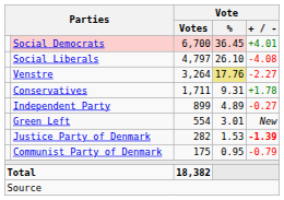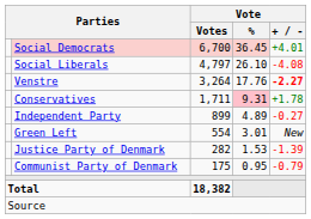 <table class="wikitable" style="text-align:right;">
 <tr>
 <th style="text-align:centre;" rowspan="2" colspan="2" width="225">Parties</th>
 <th colspan="3">Vote</th>
 </tr>
 <tr>
 <th width="15">Votes</th>
 <th width="15">%</th>
 <th width="15">+ / -</th>
 </tr>
 <tr>
 <td width="2" style="color:inherit;background:"></td>
 <td bgcolor=#fbd0ce  align="left"><a href='#'>Social Democrats</a></td>
 <td bgcolor=#fbd0ce>6,700</td>
 <td bgcolor=#fbd0ce>36.45</td>
 <td style=color:green;>+4.01</td>
 </tr>
 <tr>
 <td width="2" style="color:inherit;background:"></td>
 <td align="left"><a href='#'>Social Liberals</a></td>
 <td>4,797</td>
 <td>26.10</td>
 <td style=color:red;>-4.08</td>
 </tr>
 <tr>
 <td width="2" style="color:inherit;background:"></td>
 <td align="left"><a href='#'>Venstre</a></td>
 <td>3,264</td>
-<td style="background: khaki;">17.76</td>
-<td style=color:red;>-2.27</td>
+<td>17.76</td>
+<td style=color:red;><strong>-2.27</strong></td>
 </tr>
 <tr>
 <td width="2" style="color:inherit;background:"></td>
 <td align="left"><a href='#'>Conservatives</a></td>
 <td>1,711</td>
-<td>9.31</td>
+<td style="background: pink;">9.31</td>
 <td style=color:green;>+1.78</td>
 </tr>
 <tr>
 <td width="2" style="color:inherit;background:"></td>
 <td align="left"><a href='#'>Independent Party</a></td>
 <td>899</td>
 <td>4.89</td>
 <td style=color:red;>-0.27</td>
 </tr>
 <tr>
 <td width="2" style="color:inherit;background:"></td>
 <td align="left"><a href='#'>Green Left</a></td>
 <td>554</td>
 <td>3.01</td>
 <td><em>New</em></td>
 </tr>
 <tr>
 <td width="2" style="color:inherit;background:"></td>
 <td align="left"><a href='#'>Justice Party of Denmark</a></td>
 <td>282</td>
 <td>1.53</td>
-<td style=color:red;><strong>-1.39</strong></td>
+<td style=color:red;>-1.39</td>
 </tr>
 <tr>
 <td width="2" style="color:inherit;background:"></td>
 <td align="left"><a href='#'>Communist Party of Denmark</a></td>
 <td>175</td>
 <td>0.95</td>
 <td style=color:red;>-0.79</td>
 </tr>
 <tr>
 <td colspan="7" bgcolor="#E9E9E9"></td>
 </tr>
 <tr>
 <td align="left" colspan="2"><strong>Total</strong></td>
 <td><strong>18,382</strong></td>
 <td bgcolor="#E9E9E9" colspan="2"></td>
 </tr>
 <tr>
 <td align="left" colspan="6">Source</td>
 </tr>
 </table>
